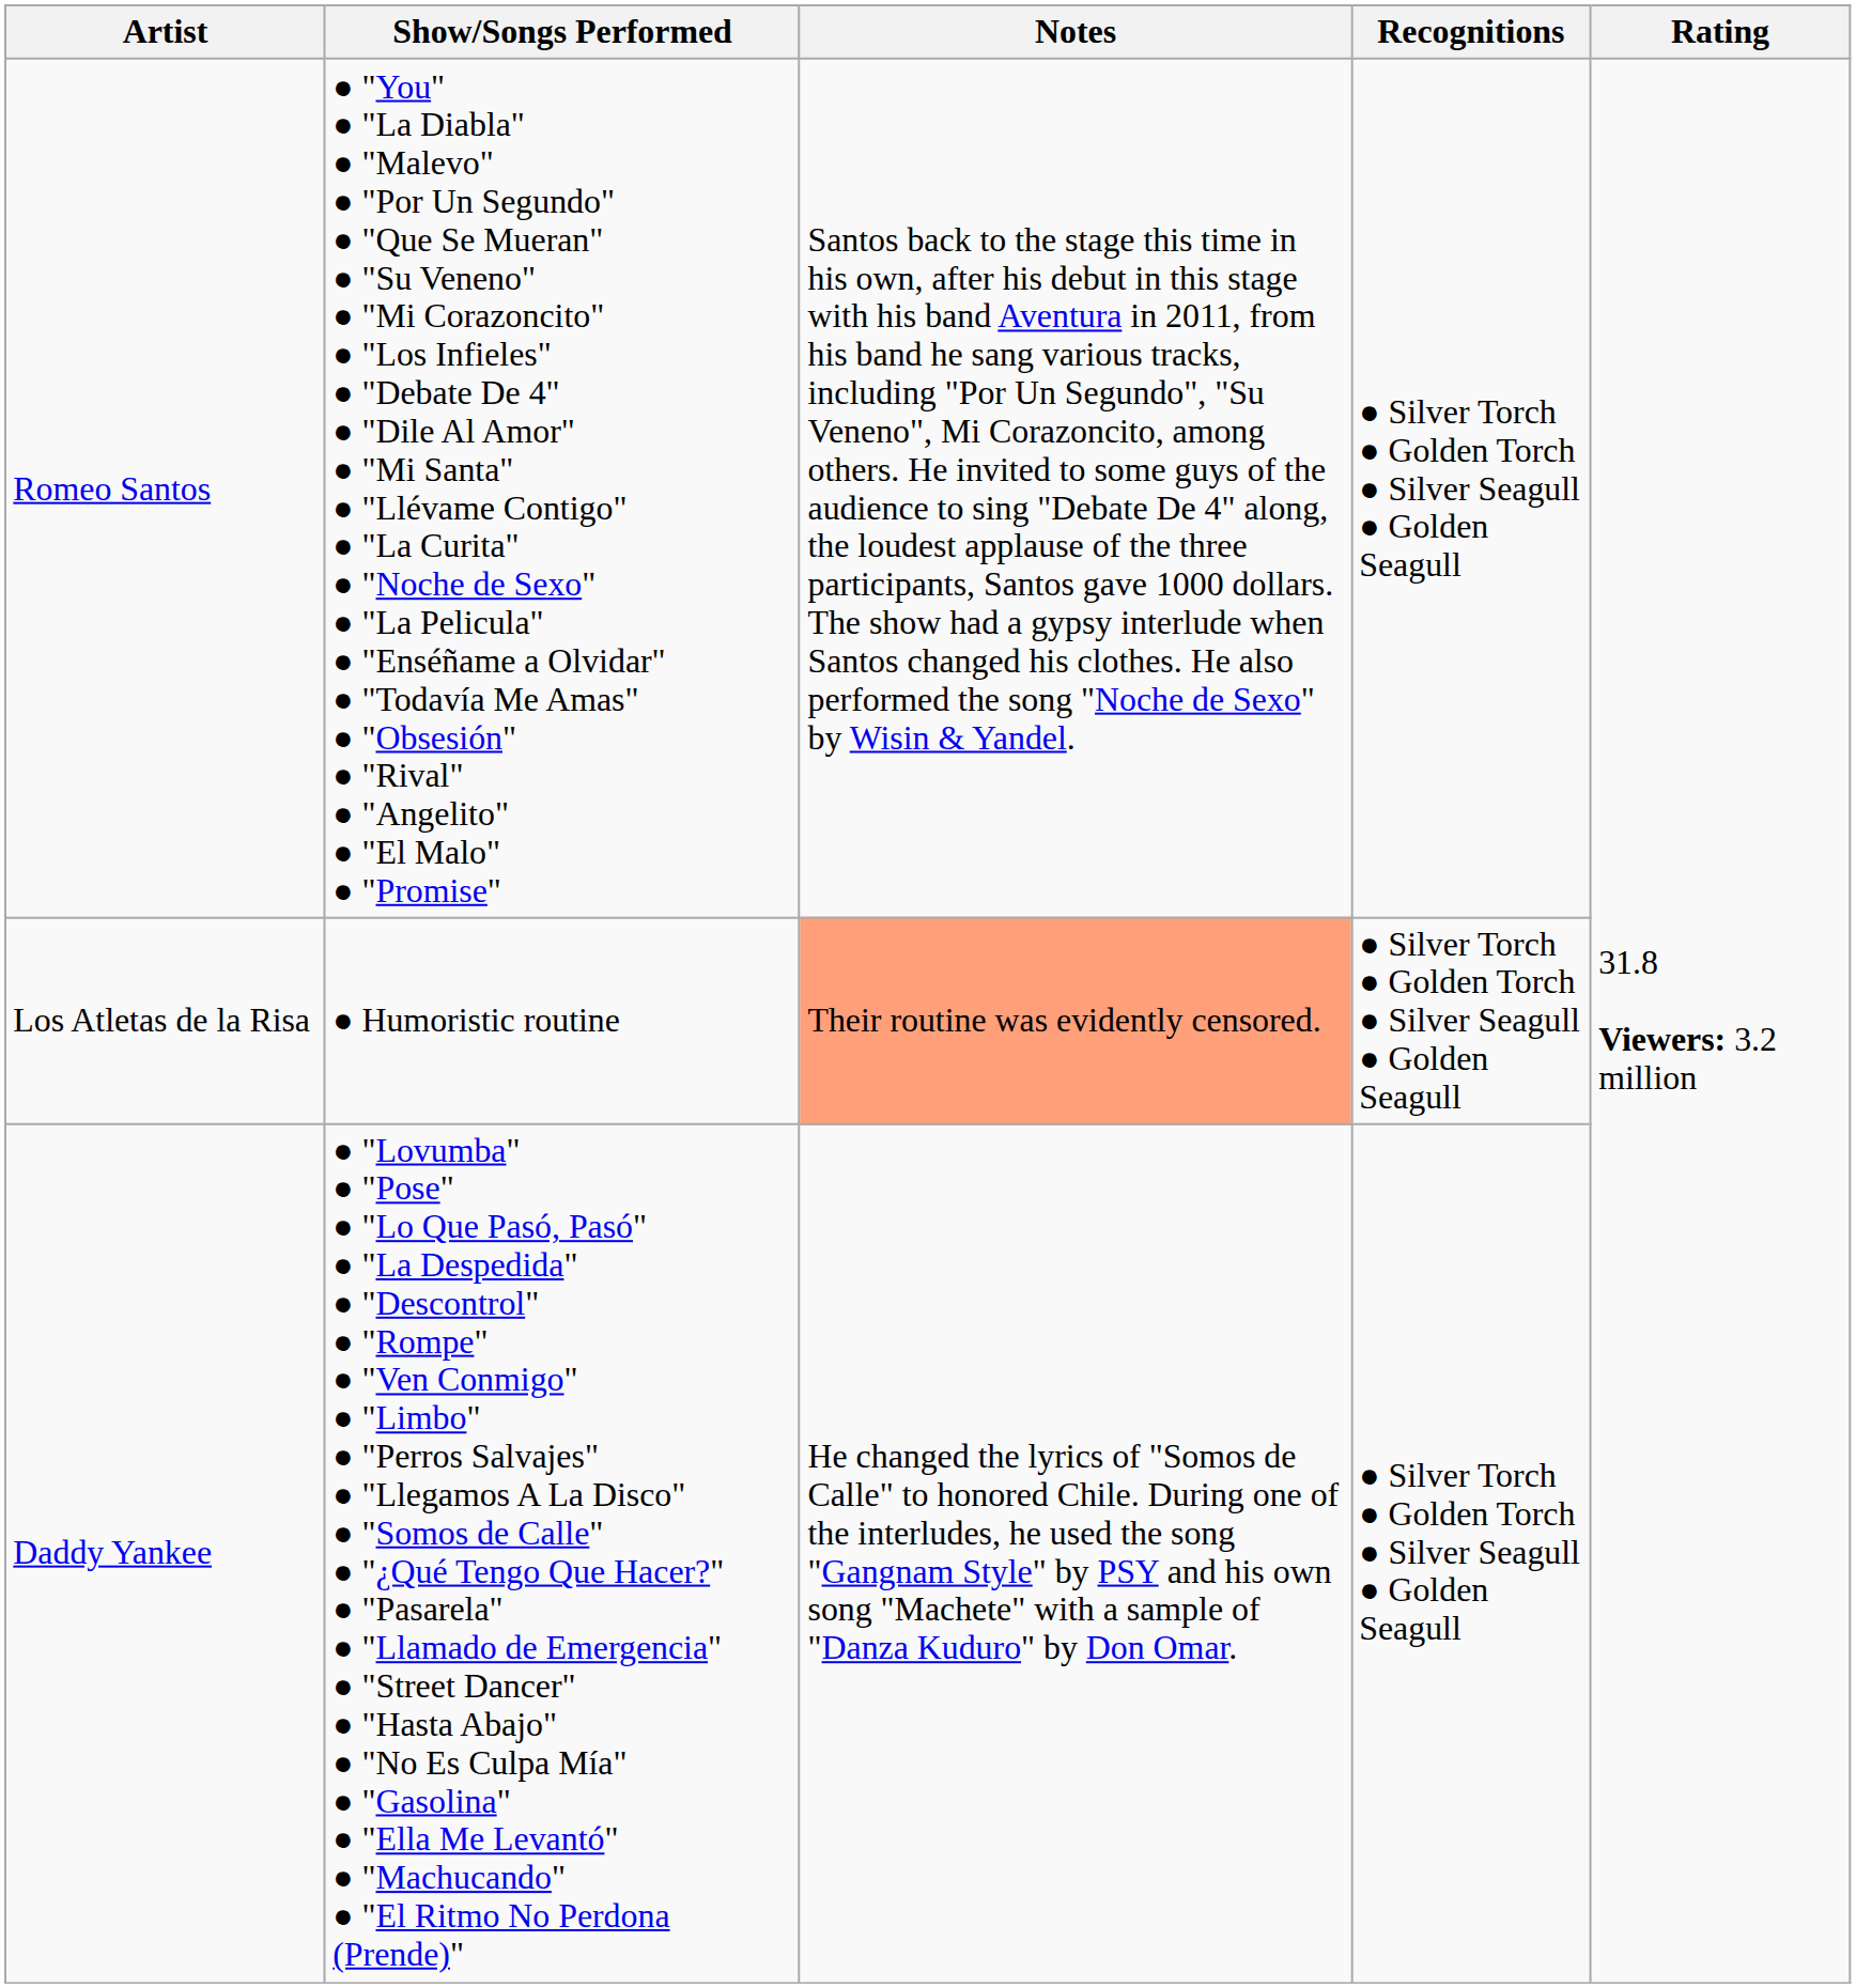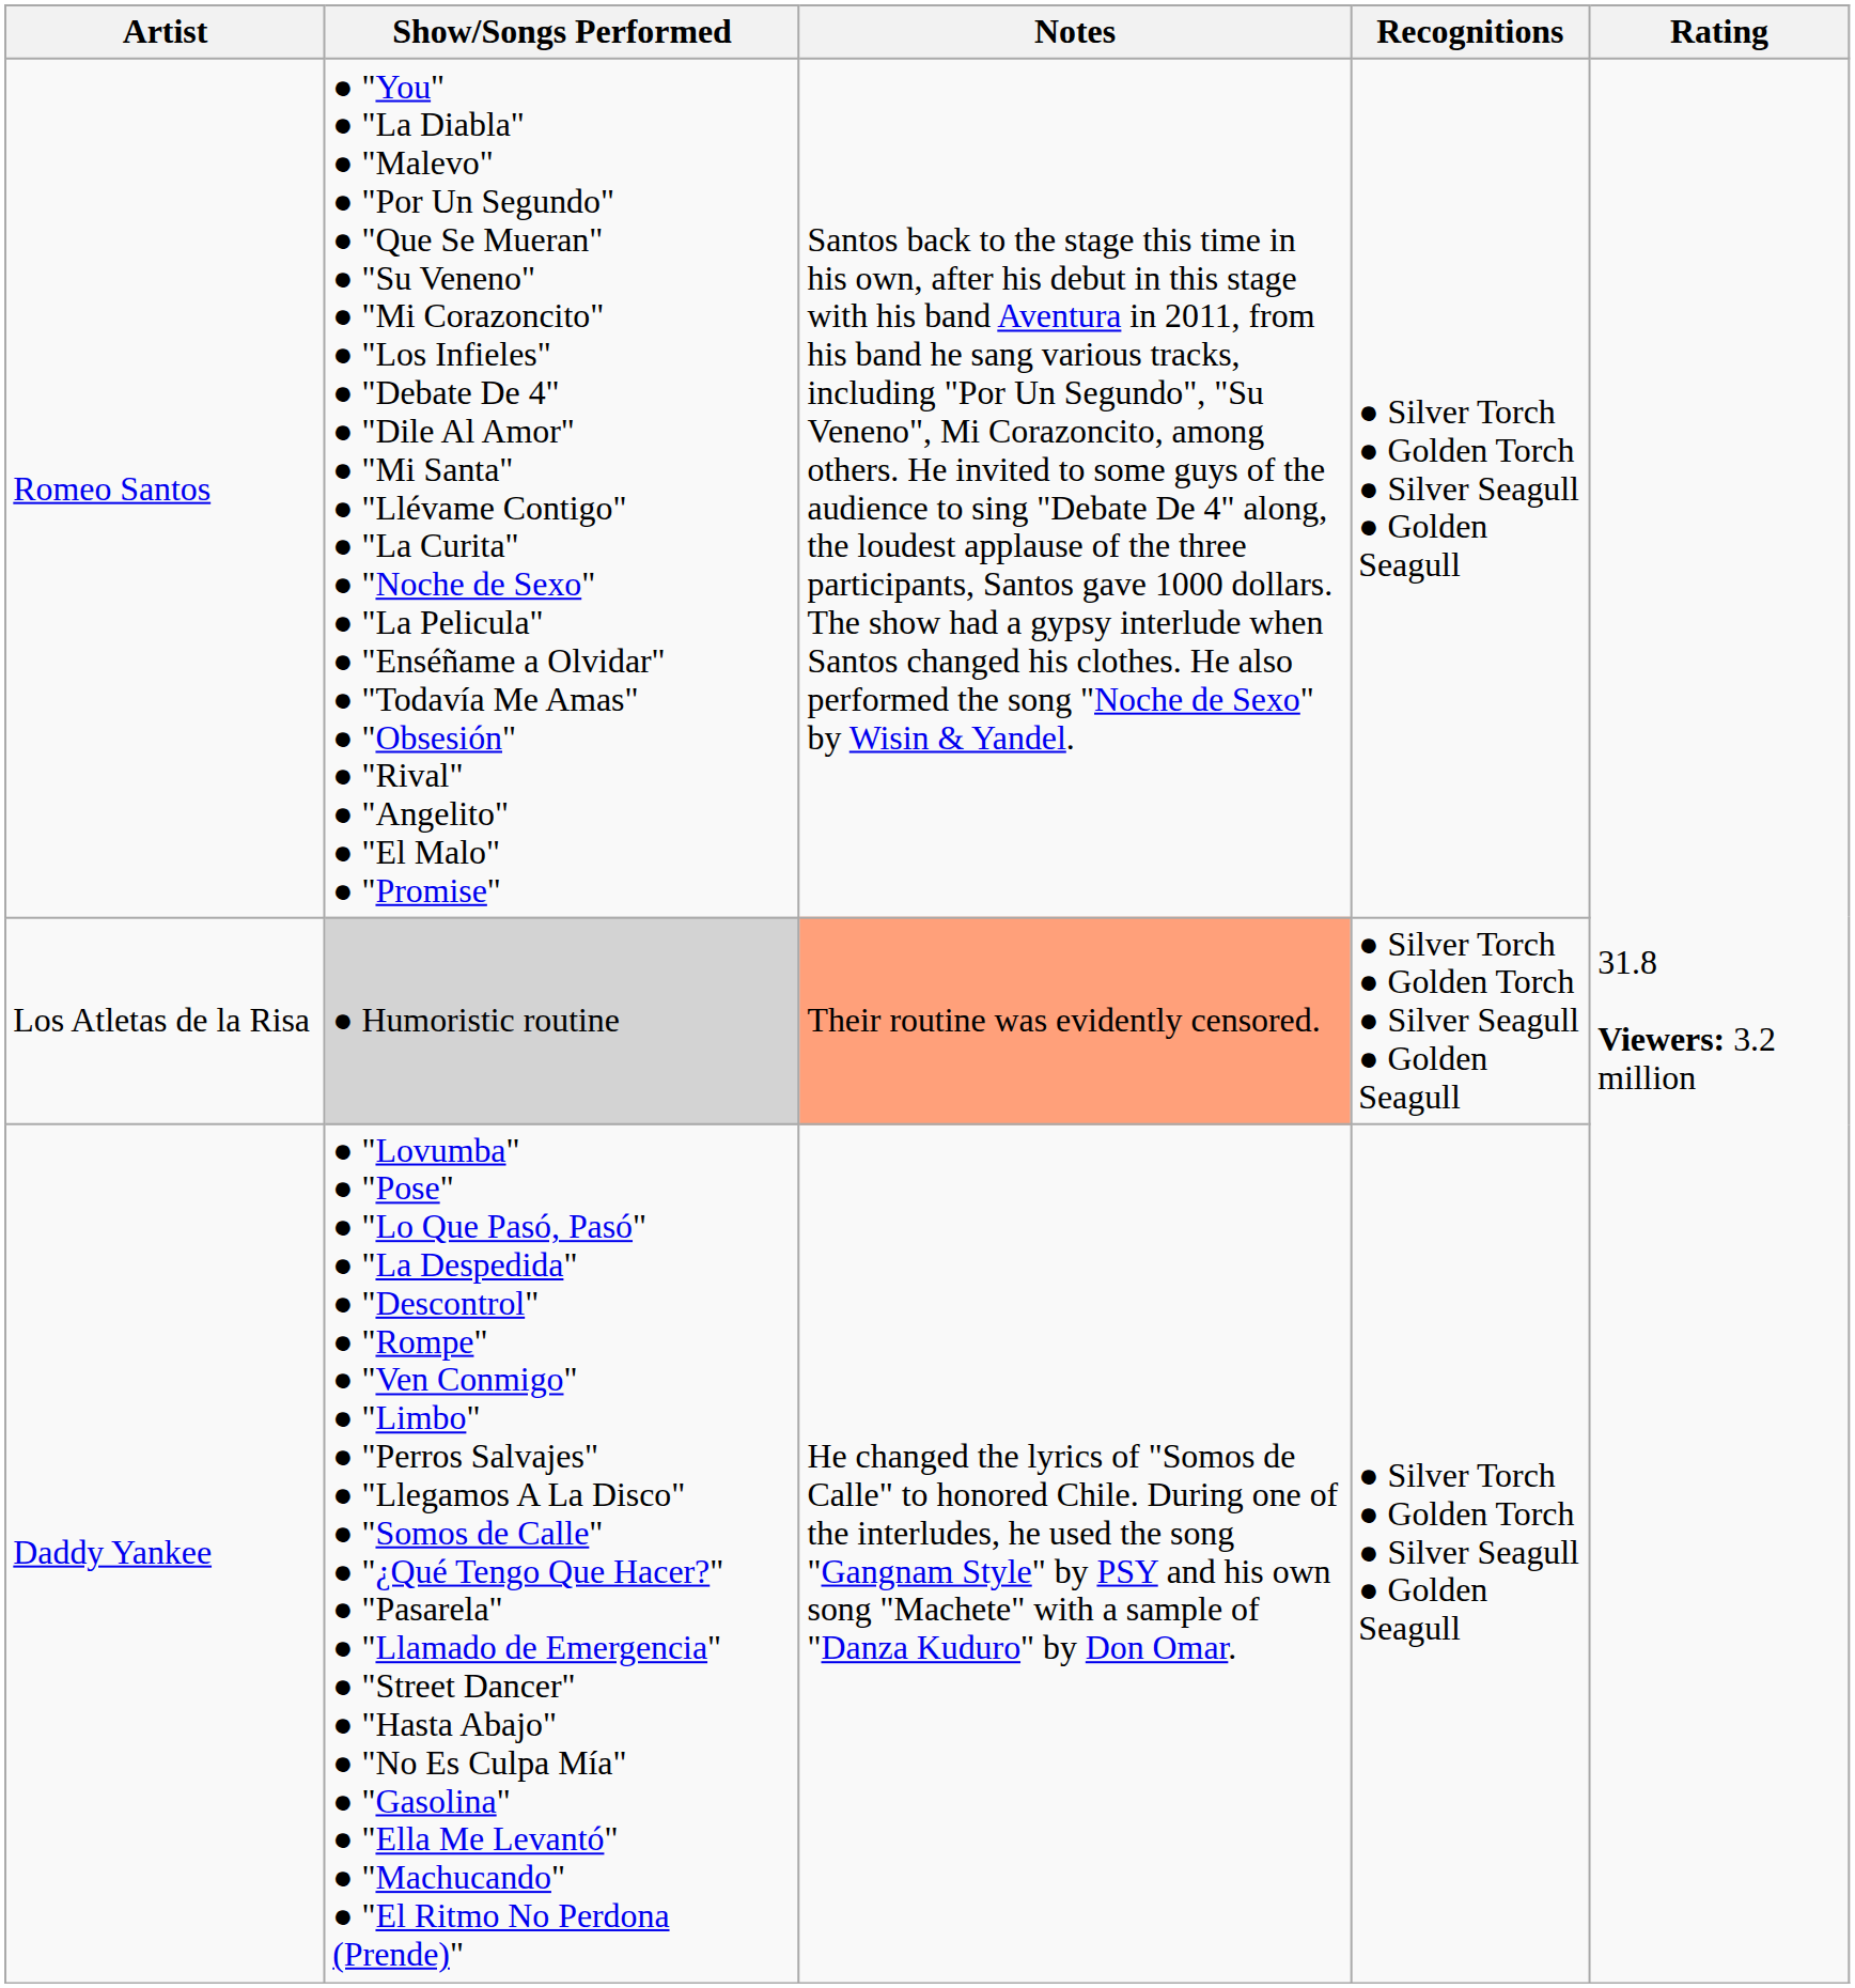 <table class="wikitable">
 <tr>
 <th width="170">Artist</th>
 <th width="250">Show/Songs Performed</th>
 <th width="300">Notes</th>
 <th width="110">Recognitions</th>
 <th width="130">Rating</th>
 </tr>
 <tr>
 <td><a href='#'>Romeo Santos</a></td>
 <td>● "<a href='#'>You</a>"<br> ● "La Diabla"<br> ● "Malevo"<br> ● "Por Un Segundo"<br>  ● "Que Se Mueran"<br> ● "Su Veneno"<br> ● "Mi Corazoncito"<br> ● "Los Infieles"<br> ● "Debate De 4"<br> ● "Dile Al Amor"<br> ● "Mi Santa"<br> ● "Llévame Contigo"<br> ● "La Curita"<br> ● "<a href='#'>Noche de Sexo</a>"<br> ● "La Pelicula"<br> ● "Enséñame a Olvidar"<br> ● "Todavía Me Amas"<br> ● "<a href='#'>Obsesión</a>" <br> ● "Rival"<br> ● "Angelito"<br> ● "El Malo"<br> ● "<a href='#'>Promise</a>" <br></td>
 <td>Santos back to the stage this time in his own, after his debut in this stage with his band <a href='#'>Aventura</a> in 2011, from his band he sang various tracks, including "Por Un Segundo", "Su Veneno", Mi Corazoncito, among others. He invited to some guys of the audience to sing "Debate De 4" along, the loudest applause of the three participants, Santos gave 1000 dollars.<br>The show had a gypsy interlude when Santos changed his clothes. He also performed the song "<a href='#'>Noche de Sexo</a>" by <a href='#'>Wisin & Yandel</a>.</td>
 <td>● Silver Torch<br> ● Golden Torch<br> ● Silver Seagull <br> ● Golden Seagull<br></td>
 <td rowspan="3">31.8<br><br> <strong>Viewers:</strong> 3.2 million</td>
 </tr>
 <tr>
 <td>Los Atletas de la Risa</td>
-<td>● Humoristic routine</td>
+<td style="background: lightgrey;">● Humoristic routine</td>
 <td style="background: lightsalmon;">Their routine was evidently censored.</td>
 <td>●  Silver Torch<br> ● Golden Torch<br> ● Silver Seagull <br> ● Golden Seagull<br></td>
 </tr>
 <tr>
 <td><a href='#'>Daddy Yankee</a></td>
 <td>● "<a href='#'>Lovumba</a>"<br> ● "<a href='#'>Pose</a>"<br> ● "<a href='#'>Lo Que Pasó, Pasó</a>"<br> ● "<a href='#'>La Despedida</a>"<br> ● "<a href='#'>Descontrol</a>"<br> ● "<a href='#'>Rompe</a>"<br> ● "<a href='#'>Ven Conmigo</a>"<br> ● "<a href='#'>Limbo</a>"<br> ● "Perros Salvajes"  <br> ● "Llegamos A La Disco"<br> ● "<a href='#'>Somos de Calle</a>"<br> ● "<a href='#'>¿Qué Tengo Que Hacer?</a>"<br> ● "Pasarela"<br> ● "<a href='#'>Llamado de Emergencia</a>"<br> ● "Street Dancer"<br>  ● "Hasta Abajo"<br> ● "No Es Culpa Mía"<br> ● "<a href='#'>Gasolina</a>"<br> ● "<a href='#'>Ella Me Levantó</a>"<br> ● "<a href='#'>Machucando</a>"<br> ● "<a href='#'>El Ritmo No Perdona (Prende)</a>"<br></td>
 <td>He changed the lyrics of "Somos de Calle" to honored Chile. During one of the interludes, he used the song "<a href='#'>Gangnam Style</a>" by <a href='#'>PSY</a> and his own song "Machete" with a sample of "<a href='#'>Danza Kuduro</a>" by <a href='#'>Don Omar</a>.</td>
 <td>● Silver Torch<br> ● Golden Torch<br> ● Silver Seagull <br> ● Golden Seagull<br></td>
 </tr>
 <tr>
 </tr>
 </table>
